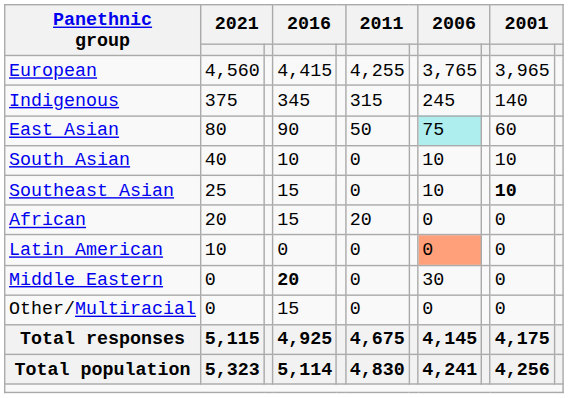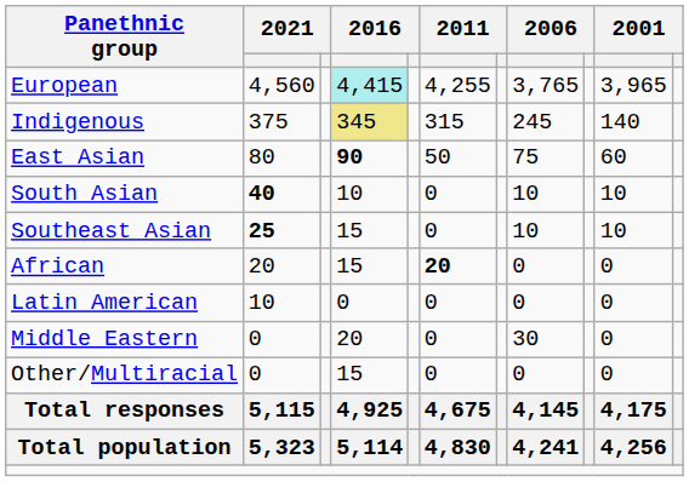 <table class="wikitable collapsible sortable">
 <tr>
 <th rowspan="2"><a href='#'>Panethnic</a><br>group</th>
 <th colspan="2">2021</th>
 <th colspan="2">2016</th>
 <th colspan="2">2011</th>
 <th colspan="2">2006</th>
 <th colspan="2">2001</th>
 </tr>
 <tr>
 <th><a href='#'></a></th>
 <th></th>
 <th></th>
 <th></th>
 <th></th>
 <th></th>
 <th></th>
 <th></th>
 <th></th>
 <th></th>
 </tr>
 <tr>
 <td><a href='#'>European</a></td>
 <td>4,560</td>
 <td></td>
-<td>4,415</td>
+<td style="background: paleturquoise;">4,415</td>
 <td></td>
 <td>4,255</td>
 <td></td>
 <td>3,765</td>
 <td></td>
 <td>3,965</td>
 <td></td>
 </tr>
 <tr>
 <td><a href='#'>Indigenous</a></td>
 <td>375</td>
 <td></td>
-<td>345</td>
+<td style="background: khaki;">345</td>
 <td></td>
 <td>315</td>
 <td></td>
 <td>245</td>
 <td></td>
 <td>140</td>
 <td></td>
 </tr>
 <tr>
 <td><a href='#'>East Asian</a></td>
 <td>80</td>
 <td></td>
-<td>90</td>
+<td><strong>90</strong></td>
 <td></td>
 <td>50</td>
 <td></td>
-<td style="background: paleturquoise;">75</td>
+<td>75</td>
 <td></td>
 <td>60</td>
 <td></td>
 </tr>
 <tr>
 <td><a href='#'>South Asian</a></td>
-<td>40</td>
+<td><strong>40</strong></td>
 <td></td>
 <td>10</td>
 <td></td>
 <td>0</td>
 <td></td>
 <td>10</td>
 <td></td>
 <td>10</td>
 <td></td>
 </tr>
 <tr>
 <td><a href='#'>Southeast Asian</a></td>
-<td>25</td>
+<td><strong>25</strong></td>
 <td></td>
 <td>15</td>
 <td></td>
 <td>0</td>
 <td></td>
 <td>10</td>
 <td></td>
-<td><strong>10</strong></td>
+<td>10</td>
 <td></td>
 </tr>
 <tr>
 <td><a href='#'>African</a></td>
 <td>20</td>
 <td></td>
 <td>15</td>
 <td></td>
-<td>20</td>
+<td><strong>20</strong></td>
 <td></td>
 <td>0</td>
 <td></td>
 <td>0</td>
 <td></td>
 </tr>
 <tr>
 <td><a href='#'>Latin American</a></td>
 <td>10</td>
 <td></td>
 <td>0</td>
 <td></td>
 <td>0</td>
 <td></td>
-<td style="background: lightsalmon;">0</td>
+<td>0</td>
 <td></td>
 <td>0</td>
 <td></td>
 </tr>
 <tr>
 <td><a href='#'>Middle Eastern</a></td>
 <td>0</td>
 <td></td>
-<td><strong>20</strong></td>
+<td>20</td>
 <td></td>
 <td>0</td>
 <td></td>
 <td>30</td>
 <td></td>
 <td>0</td>
 <td></td>
 </tr>
 <tr>
 <td>Other/<a href='#'>Multiracial</a></td>
 <td>0</td>
 <td></td>
 <td>15</td>
 <td></td>
 <td>0</td>
 <td></td>
 <td>0</td>
 <td></td>
 <td>0</td>
 <td></td>
 </tr>
 <tr>
 <th>Total responses</th>
 <th>5,115</th>
 <th></th>
 <th>4,925</th>
 <th></th>
 <th>4,675</th>
 <th></th>
 <th>4,145</th>
 <th></th>
 <th>4,175</th>
 <th></th>
 </tr>
 <tr>
 <th>Total population</th>
 <th>5,323</th>
 <th></th>
 <th>5,114</th>
 <th></th>
 <th>4,830</th>
 <th></th>
 <th>4,241</th>
 <th></th>
 <th>4,256</th>
 <th></th>
 </tr>
 <tr class="sortbottom">
 <td colspan="15"></td>
 </tr>
 </table>
